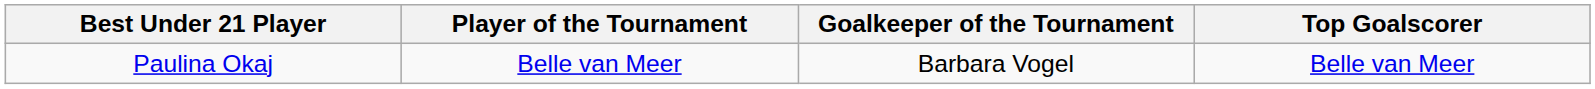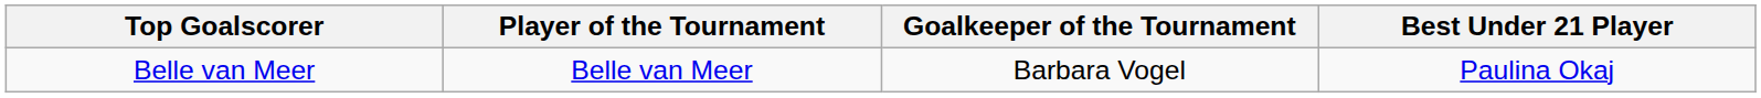 <table class=wikitable style="margin:auto; text-align:center">
 <tr>
-<th style="width: 250px;">Best Under 21 Player</th>
+<th style="width: 250px;">Top Goalscorer</th>
 <th style="width: 250px;">Player of the Tournament</th>
 <th style="width: 250px;">Goalkeeper of the Tournament</th>
-<th style="width: 250px;">Top Goalscorer</th>
+<th style="width: 250px;">Best Under 21 Player</th>
 </tr>
 <tr>
-<td> <a href='#'>Paulina Okaj</a></td>
+<td> <a href='#'>Belle van Meer</a></td>
 <td> <a href='#'>Belle van Meer</a></td>
 <td> Barbara Vogel</td>
-<td> <a href='#'>Belle van Meer</a></td>
+<td> <a href='#'>Paulina Okaj</a></td>
 </tr>
 </table>
